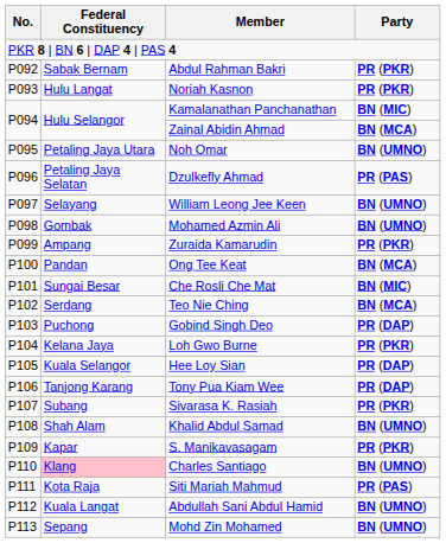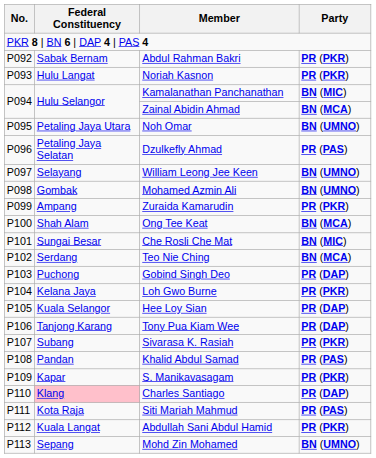 <table class ="wikitable sortable">
 <tr>
 <th style="width:30px;">No.</th>
 <th style="width:150px;">Federal Constituency</th>
 <th style="width:230px;">Member</th>
 <th style="width:100px;">Party</th>
 </tr>
 <tr>
 <td colspan="4"><a href='#'>PKR</a> <strong>8</strong> | <a href='#'>BN</a> <strong>6</strong> | <a href='#'>DAP</a> <strong>4</strong> | <a href='#'>PAS</a> <strong>4</strong></td>
 </tr>
 <tr>
 <td>P092</td>
 <td><a href='#'>Sabak Bernam</a></td>
 <td><a href='#'>Abdul Rahman Bakri</a></td>
 <td><strong><a href='#'>PR</a></strong> (<strong><a href='#'>PKR</a></strong>)</td>
 </tr>
 <tr>
 <td>P093</td>
 <td><a href='#'>Hulu Langat</a></td>
 <td><a href='#'>Noriah Kasnon</a></td>
 <td><strong><a href='#'>PR</a></strong> (<strong><a href='#'>PKR</a></strong>)</td>
 </tr>
 <tr>
 <td rowspan="2">P094</td>
 <td rowspan="2"><a href='#'>Hulu Selangor</a></td>
 <td><a href='#'>Kamalanathan Panchanathan</a> </td>
 <td><strong><a href='#'>BN</a></strong> (<strong><a href='#'>MIC</a></strong>)</td>
 </tr>
 <tr>
 <td><a href='#'>Zainal Abidin Ahmad</a>  </td>
 <td><strong><a href='#'>BN</a></strong> (<strong><a href='#'>MCA</a></strong>)</td>
 </tr>
 <tr>
 <td>P095</td>
 <td><a href='#'>Petaling Jaya Utara</a></td>
 <td><a href='#'>Noh Omar</a></td>
 <td><strong><a href='#'>BN</a></strong> (<strong><a href='#'>UMNO</a></strong>)</td>
 </tr>
 <tr>
 <td>P096</td>
 <td><a href='#'>Petaling Jaya Selatan</a></td>
 <td><a href='#'>Dzulkefly Ahmad</a></td>
 <td><strong><a href='#'>PR</a></strong> (<strong><a href='#'>PAS</a></strong>)</td>
 </tr>
 <tr>
 <td>P097</td>
 <td><a href='#'>Selayang</a></td>
 <td><a href='#'>William Leong Jee Keen</a></td>
 <td><strong><a href='#'>BN</a></strong> (<strong><a href='#'>UMNO</a></strong>)</td>
 </tr>
 <tr>
 <td>P098</td>
 <td><a href='#'>Gombak</a></td>
 <td><a href='#'>Mohamed Azmin Ali</a></td>
 <td><strong><a href='#'>BN</a></strong> (<strong><a href='#'>UMNO</a></strong>)</td>
 </tr>
 <tr>
 <td>P099</td>
 <td><a href='#'>Ampang</a></td>
 <td><a href='#'>Zuraida Kamarudin</a></td>
 <td><strong><a href='#'>PR</a></strong> (<strong><a href='#'>PKR</a></strong>)</td>
 </tr>
 <tr>
 <td>P100</td>
-<td><a href='#'>Pandan</a></td>
+<td><a href='#'>Shah Alam</a></td>
 <td><a href='#'>Ong Tee Keat</a></td>
 <td><strong><a href='#'>BN</a></strong> (<strong><a href='#'>MCA</a></strong>)</td>
 </tr>
 <tr>
 <td>P101</td>
 <td><a href='#'>Sungai Besar</a></td>
 <td><a href='#'>Che Rosli Che Mat</a></td>
 <td><strong><a href='#'>BN</a></strong> (<strong><a href='#'>MIC</a></strong>)</td>
 </tr>
 <tr>
 <td>P102</td>
 <td><a href='#'>Serdang</a></td>
 <td><a href='#'>Teo Nie Ching</a></td>
 <td><strong><a href='#'>BN</a></strong> (<strong><a href='#'>MCA</a></strong>)</td>
 </tr>
 <tr>
 <td>P103</td>
 <td><a href='#'>Puchong</a></td>
 <td><a href='#'>Gobind Singh Deo</a></td>
 <td><strong><a href='#'>PR</a></strong> (<strong><a href='#'>DAP</a></strong>)</td>
 </tr>
 <tr>
 <td>P104</td>
 <td><a href='#'>Kelana Jaya</a></td>
 <td><a href='#'>Loh Gwo Burne</a></td>
 <td><strong><a href='#'>PR</a></strong> (<strong><a href='#'>PKR</a></strong>)</td>
 </tr>
 <tr>
 <td>P105</td>
 <td><a href='#'>Kuala Selangor</a></td>
 <td><a href='#'>Hee Loy Sian</a></td>
 <td><strong><a href='#'>PR</a></strong> (<strong><a href='#'>DAP</a></strong>)</td>
 </tr>
 <tr>
 <td>P106</td>
 <td><a href='#'>Tanjong Karang</a></td>
 <td><a href='#'>Tony Pua Kiam Wee</a></td>
 <td><strong><a href='#'>PR</a></strong> (<strong><a href='#'>DAP</a></strong>)</td>
 </tr>
 <tr>
 <td>P107</td>
 <td><a href='#'>Subang</a></td>
 <td><a href='#'>Sivarasa K. Rasiah</a></td>
 <td><strong><a href='#'>PR</a></strong> (<strong><a href='#'>PKR</a></strong>)</td>
 </tr>
 <tr>
 <td>P108</td>
-<td><a href='#'>Shah Alam</a></td>
+<td><a href='#'>Pandan</a></td>
 <td><a href='#'>Khalid Abdul Samad</a></td>
-<td><strong><a href='#'>BN</a></strong> (<strong><a href='#'>UMNO</a></strong>)</td>
+<td><strong><a href='#'>PR</a></strong> (<strong><a href='#'>PAS</a></strong>)</td>
 </tr>
 <tr>
 <td>P109</td>
 <td><a href='#'>Kapar</a></td>
 <td><a href='#'>S. Manikavasagam</a></td>
 <td><strong><a href='#'>PR</a></strong> (<strong><a href='#'>PKR</a></strong>)</td>
 </tr>
 <tr>
 <td>P110</td>
 <td style="background: pink;"><a href='#'>Klang</a></td>
 <td><a href='#'>Charles Santiago</a></td>
-<td><strong><a href='#'>BN</a></strong> (<strong><a href='#'>UMNO</a></strong>)</td>
+<td><strong><a href='#'>PR</a></strong> (<strong><a href='#'>DAP</a></strong>)</td>
 </tr>
 <tr>
 <td>P111</td>
 <td><a href='#'>Kota Raja</a></td>
 <td><a href='#'>Siti Mariah Mahmud</a></td>
 <td><strong><a href='#'>PR</a></strong> (<strong><a href='#'>PAS</a></strong>)</td>
 </tr>
 <tr>
 <td>P112</td>
 <td><a href='#'>Kuala Langat</a></td>
 <td><a href='#'>Abdullah Sani Abdul Hamid</a></td>
-<td><strong><a href='#'>BN</a></strong> (<strong><a href='#'>UMNO</a></strong>)</td>
+<td><strong><a href='#'>PR</a></strong> (<strong><a href='#'>PKR</a></strong>)</td>
 </tr>
 <tr>
 <td>P113</td>
 <td><a href='#'>Sepang</a></td>
 <td><a href='#'>Mohd Zin Mohamed</a></td>
 <td><strong><a href='#'>BN</a></strong> (<strong><a href='#'>UMNO</a></strong>)</td>
 </tr>
 </table>
